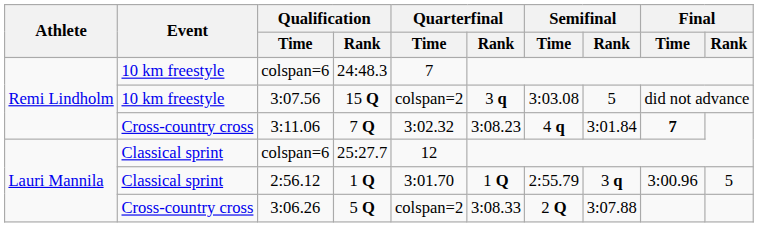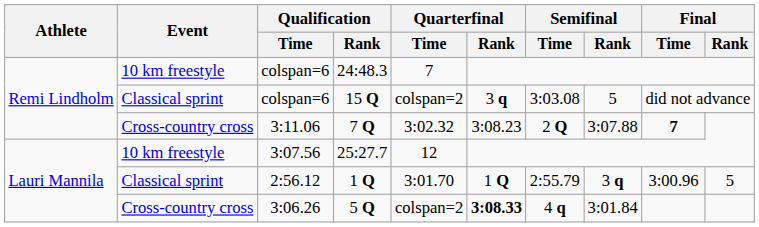 <table class="wikitable" style="font-size:90%">
 <tr>
 <th rowspan="2">Athlete</th>
 <th rowspan="2">Event</th>
 <th colspan="2">Qualification</th>
 <th colspan="2">Quarterfinal</th>
 <th colspan="2">Semifinal</th>
 <th colspan="2">Final</th>
 </tr>
 <tr style="font-size:95%">
 <th>Time</th>
 <th>Rank</th>
 <th>Time</th>
 <th>Rank</th>
 <th>Time</th>
 <th>Rank</th>
 <th>Time</th>
 <th>Rank</th>
 </tr>
 <tr align=center>
 <td align=left rowspan=3><a href='#'>Remi Lindholm</a></td>
 <td align=left><a href='#'>10 km freestyle</a></td>
 <td>colspan=6 </td>
 <td>24:48.3</td>
 <td>7</td>
 </tr>
 <tr align=center>
-<td align=left><a href='#'>10 km freestyle</a></td>
-<td>3:07.56</td>
+<td align=left><a href='#'>Classical sprint</a></td>
+<td>colspan=6 </td>
 <td>15 <strong>Q</strong></td>
 <td>colspan=2 </td>
 <td>3 <strong>q</strong></td>
 <td>3:03.08</td>
 <td>5</td>
 <td colspan=2>did not advance</td>
 </tr>
 <tr align=center>
 <td align=left><a href='#'>Cross-country cross</a></td>
 <td>3:11.06</td>
 <td>7 <strong>Q</strong></td>
 <td>3:02.32</td>
 <td>3:08.23</td>
-<td>4 <strong>q</strong></td>
-<td>3:01.84</td>
+<td>2 <strong>Q</strong></td>
+<td>3:07.88</td>
 <td><strong>7</strong></td>
 </tr>
 <tr align=center>
 <td align=left rowspan=3><a href='#'>Lauri Mannila</a></td>
-<td align=left><a href='#'>Classical sprint</a></td>
-<td>colspan=6 </td>
+<td align=left><a href='#'>10 km freestyle</a></td>
+<td>3:07.56</td>
 <td>25:27.7</td>
 <td>12</td>
 </tr>
 <tr align=center>
 <td align=left><a href='#'>Classical sprint</a></td>
 <td>2:56.12</td>
 <td>1 <strong>Q</strong></td>
 <td>3:01.70</td>
 <td>1 <strong>Q</strong></td>
 <td>2:55.79</td>
 <td>3 <strong>q</strong></td>
 <td>3:00.96</td>
 <td>5</td>
 </tr>
 <tr align=center>
 <td align=left><a href='#'>Cross-country cross</a></td>
 <td>3:06.26</td>
 <td>5 <strong>Q</strong></td>
 <td>colspan=2 </td>
-<td>3:08.33</td>
-<td>2 <strong>Q</strong></td>
-<td>3:07.88</td>
+<td><strong>3:08.33</strong></td>
+<td>4 <strong>q</strong></td>
+<td>3:01.84</td>
 <td></td>
 </tr>
 </table>
